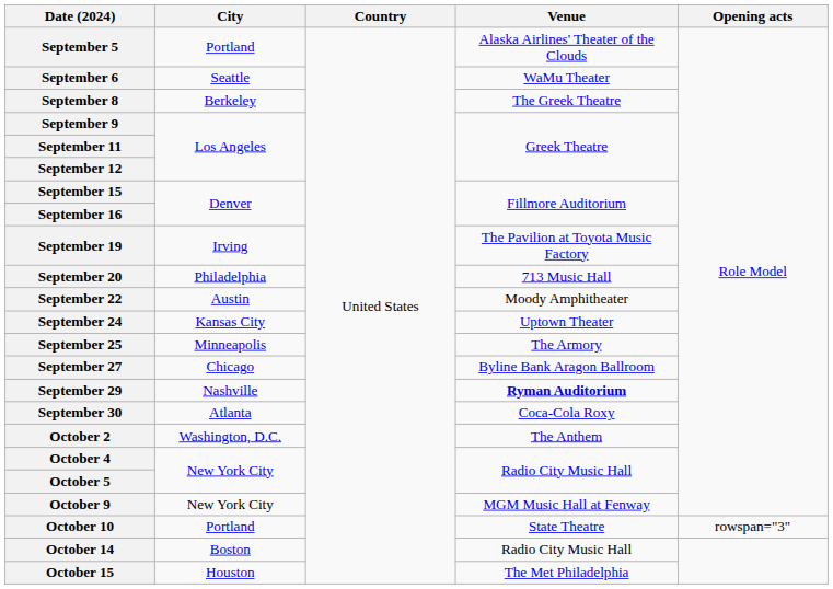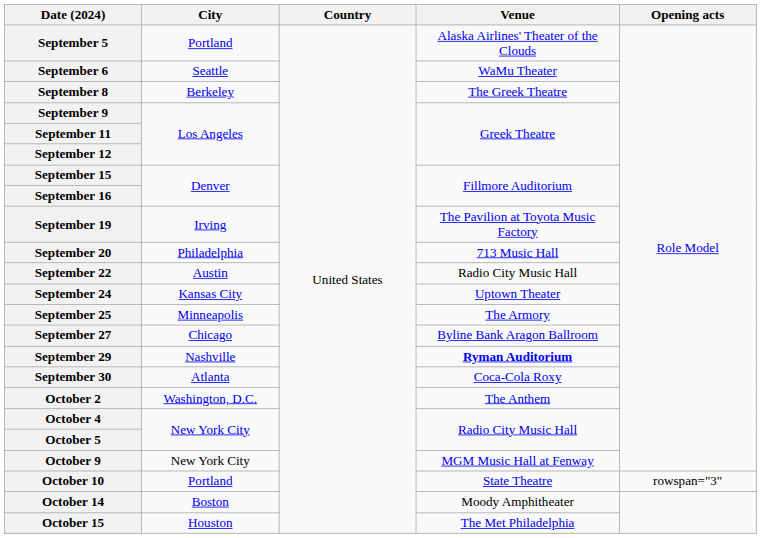 <table class="wikitable plainrowheaders" style="text-align:center;">
 <tr>
 <th scope="col" style="width:10em;">Date (2024)</th>
 <th scope="col" style="width:10em;">City</th>
 <th scope="col" style="width:10em;">Country</th>
 <th scope="col" style="width:15em;">Venue</th>
 <th scope="col" style="width:10em;">Opening acts</th>
 </tr>
 <tr>
 <th scope="row" style="text-align:center;">September 5</th>
 <td><a href='#'>Portland</a></td>
 <td rowspan="23">United States</td>
 <td><a href='#'>Alaska Airlines' Theater of the Clouds</a></td>
 <td rowspan="20"><a href='#'>Role Model</a></td>
 </tr>
 <tr>
 <th scope="row" style="text-align:center;">September 6</th>
 <td><a href='#'>Seattle</a></td>
 <td><a href='#'>WaMu Theater</a></td>
 </tr>
 <tr>
 <th scope="row" style="text-align:center;">September 8</th>
 <td><a href='#'>Berkeley</a></td>
 <td><a href='#'>The Greek Theatre</a></td>
 </tr>
 <tr>
 <th scope="row" style="text-align:center;">September 9</th>
 <td rowspan="3"><a href='#'>Los Angeles</a></td>
 <td rowspan="3"><a href='#'>Greek Theatre</a></td>
 </tr>
 <tr>
 <th scope="row" style="text-align:center;">September 11</th>
 </tr>
 <tr>
 <th scope="row" style="text-align:center;">September 12</th>
 </tr>
 <tr>
 <th scope="row" style="text-align:center;">September 15</th>
 <td rowspan="2"><a href='#'>Denver</a></td>
 <td rowspan="2"><a href='#'>Fillmore Auditorium</a></td>
 </tr>
 <tr>
 <th scope="row" style="text-align:center;">September 16</th>
 </tr>
 <tr>
 <th scope="row" style="text-align:center;">September 19</th>
 <td><a href='#'>Irving</a></td>
 <td><a href='#'>The Pavilion at Toyota Music Factory</a></td>
 </tr>
 <tr>
 <th scope="row" style="text-align:center;">September 20</th>
 <td><a href='#'>Philadelphia</a></td>
 <td><a href='#'>713 Music Hall</a></td>
 </tr>
 <tr>
 <th scope="row" style="text-align:center;">September 22</th>
 <td><a href='#'>Austin</a></td>
-<td>Moody Amphitheater</td>
+<td>Radio City Music Hall</td>
 </tr>
 <tr>
 <th scope="row" style="text-align:center;">September 24</th>
 <td><a href='#'>Kansas City</a></td>
 <td><a href='#'>Uptown Theater</a></td>
 </tr>
 <tr>
 <th scope="row" style="text-align:center;">September 25</th>
 <td><a href='#'>Minneapolis</a></td>
 <td><a href='#'>The Armory</a></td>
 </tr>
 <tr>
 <th scope="row" style="text-align:center;">September 27</th>
 <td><a href='#'>Chicago</a></td>
 <td><a href='#'>Byline Bank Aragon Ballroom</a></td>
 </tr>
 <tr>
 <th scope="row" style="text-align:center;">September 29</th>
 <td><a href='#'>Nashville</a></td>
 <td><strong><a href='#'>Ryman Auditorium</a></strong></td>
 </tr>
 <tr>
 <th scope="row" style="text-align:center;">September 30</th>
 <td><a href='#'>Atlanta</a></td>
 <td><a href='#'>Coca-Cola Roxy</a></td>
 </tr>
 <tr>
 <th scope="row" style="text-align:center;">October 2</th>
 <td><a href='#'>Washington, D.C.</a></td>
 <td><a href='#'>The Anthem</a></td>
 </tr>
 <tr>
 <th scope="row" style="text-align:center;">October 4</th>
 <td rowspan="2"><a href='#'>New York City</a></td>
 <td rowspan="2"><a href='#'>Radio City Music Hall</a></td>
 </tr>
 <tr>
 <th scope="row" style="text-align:center;">October 5</th>
 </tr>
 <tr>
 <th scope="row" style="text-align:center;">October 9</th>
 <td>New York City</td>
 <td><a href='#'>MGM Music Hall at Fenway</a></td>
 </tr>
 <tr>
 <th scope="row" style="text-align:center;">October 10</th>
 <td><a href='#'>Portland</a></td>
 <td><a href='#'>State Theatre</a></td>
 <td>rowspan="3" </td>
 </tr>
 <tr>
 <th scope="row" style="text-align:center;">October 14</th>
 <td><a href='#'>Boston</a></td>
-<td>Radio City Music Hall</td>
+<td>Moody Amphitheater</td>
 </tr>
 <tr>
 <th scope="row" style="text-align:center;">October 15</th>
 <td><a href='#'>Houston</a></td>
 <td><a href='#'>The Met Philadelphia</a></td>
 </tr>
 </table>
